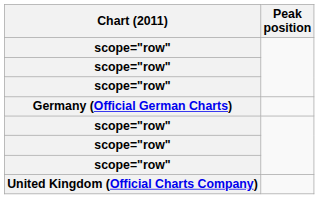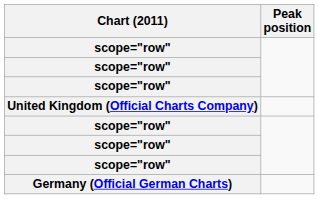 <table class="wikitable plainrowheaders sortable">
 <tr>
 <th>Chart (2011)</th>
 <th>Peak <br> position</th>
 </tr>
 <tr>
 <th>scope="row" </th>
 </tr>
 <tr>
 <th>scope="row" </th>
 </tr>
 <tr>
 <th>scope="row" </th>
 </tr>
 <tr>
-<th scope="row">Germany (<a href='#'>Official German Charts</a>)</th>
+<th scope="row">United Kingdom (<a href='#'>Official Charts Company</a>)</th>
 <td></td>
 </tr>
 <tr>
 <th>scope="row" </th>
 </tr>
 <tr>
 <th>scope="row" </th>
 </tr>
 <tr>
 <th>scope="row" </th>
 </tr>
 <tr>
-<th scope="row">United Kingdom (<a href='#'>Official Charts Company</a>)</th>
+<th scope="row">Germany (<a href='#'>Official German Charts</a>)</th>
 <td></td>
 </tr>
 </table>
